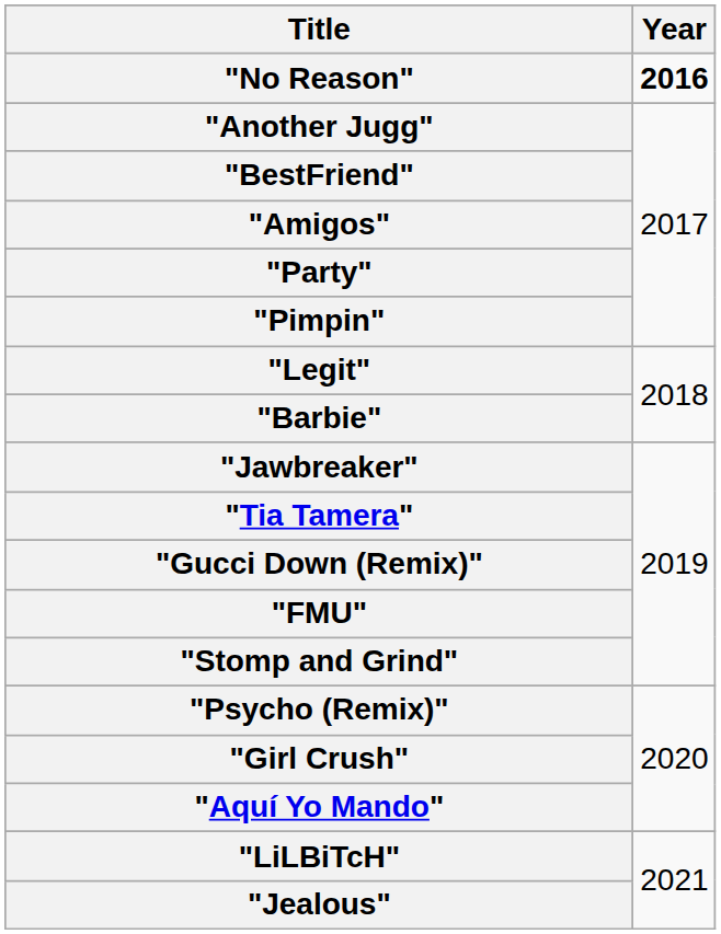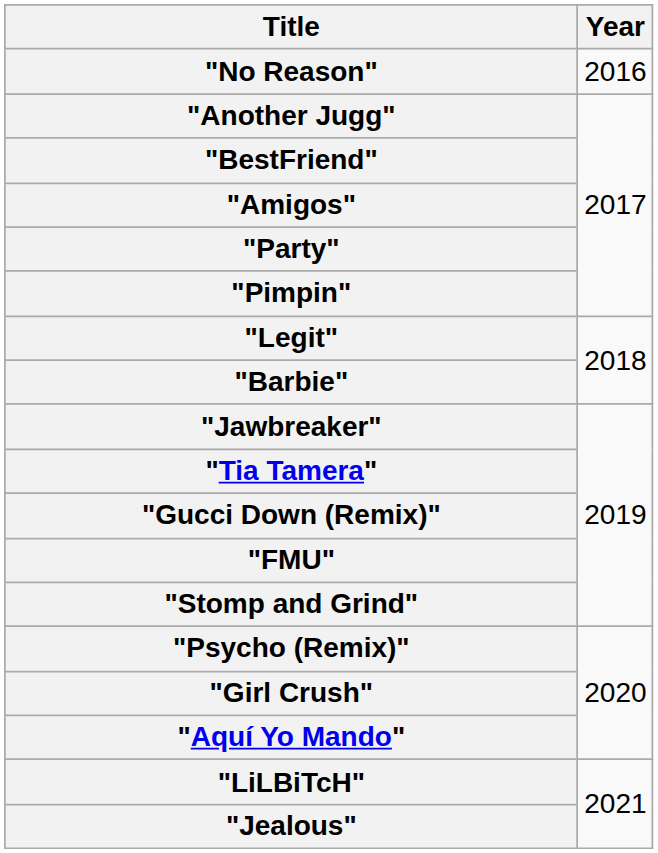 <table class="wikitable plainrowheaders" style="text-align:center;">
 <tr>
 <th scope="col" style="width: 20em;">Title</th>
 <th>Year</th>
 </tr>
 <tr>
 <th scope="row">"No Reason"<br> </th>
-<td rowspan="1"><strong>2016</strong></td>
+<td rowspan="1">2016</td>
 </tr>
 <tr>
 <th scope="row">"Another Jugg"<br> </th>
 <td rowspan="5">2017</td>
 </tr>
 <tr>
 <th scope="row">"BestFriend"<br> </th>
 </tr>
 <tr>
 <th scope="row">"Amigos"<br> </th>
 </tr>
 <tr>
 <th scope="row">"Party"<br> </th>
 </tr>
 <tr>
 <th scope="row">"Pimpin"<br> </th>
 </tr>
 <tr>
 <th scope="row">"Legit"<br> </th>
 <td rowspan="2">2018</td>
 </tr>
 <tr>
 <th scope="row">"Barbie"<br> </th>
 </tr>
 <tr>
 <th scope="row">"Jawbreaker"<br> </th>
 <td rowspan="5">2019</td>
 </tr>
 <tr>
 <th scope="row">"<a href='#'>Tia Tamera</a>"<br> </th>
 </tr>
 <tr>
 <th scope="row">"Gucci Down (Remix)"<br> </th>
 </tr>
 <tr>
 <th scope="row">"FMU"<br> </th>
 </tr>
 <tr>
 <th scope="row">"Stomp and Grind"<br> </th>
 </tr>
 <tr>
 <th scope="row">"Psycho (Remix)"<br> </th>
 <td rowspan="3">2020</td>
 </tr>
 <tr>
 <th scope="row">"Girl Crush"<br> </th>
 </tr>
 <tr>
 <th scope="row">"<a href='#'>Aquí Yo Mando</a>"<br> </th>
 </tr>
 <tr>
 <th scope="row">"LiLBiTcH"<br> </th>
 <td rowspan="2">2021</td>
 </tr>
 <tr>
 <th scope="row">"Jealous"<br> </th>
 </tr>
 </table>
